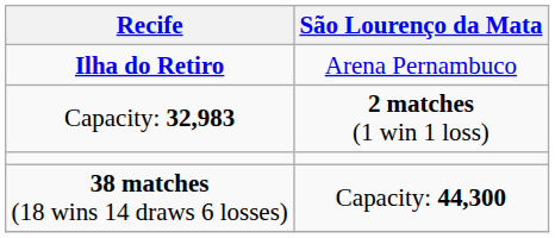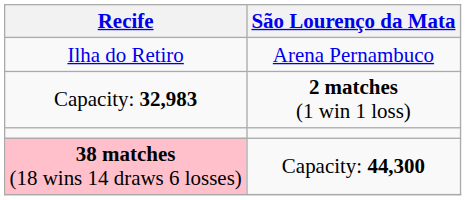 <table class="wikitable" style="text-align:center">
 <tr>
 <th><a href='#'>Recife</a></th>
 <th><a href='#'>São Lourenço da Mata</a></th>
 </tr>
 <tr>
-<td><strong><a href='#'>Ilha do Retiro</a></strong></td>
+<td><a href='#'>Ilha do Retiro</a></td>
 <td><a href='#'>Arena Pernambuco</a></td>
 </tr>
 <tr>
 <td>Capacity: <strong>32,983</strong></td>
 <td><strong>2 matches</strong><br>(1  win 1 loss)</td>
 </tr>
 <tr>
 <td></td>
 <td></td>
 </tr>
 <tr>
-<td><strong>38 matches</strong><br>(18 wins 14 draws 6 losses)</td>
+<td style="background: pink;"><strong>38 matches</strong><br>(18 wins 14 draws 6 losses)</td>
 <td>Capacity: <strong>44,300</strong></td>
 </tr>
 <tr>
 </tr>
 </table>
